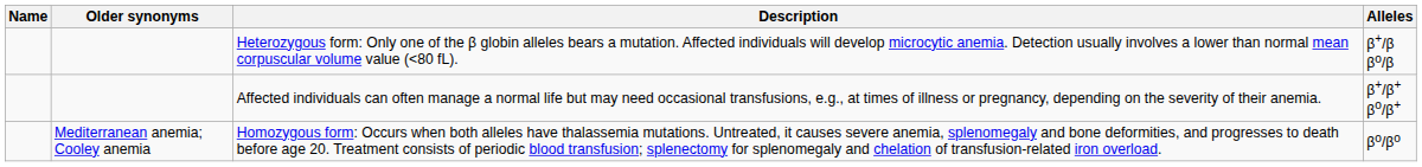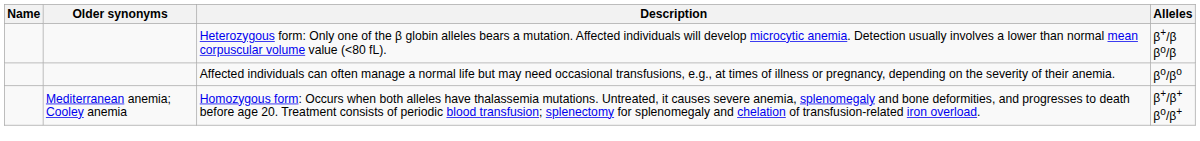 <table class="wikitable">
 <tr>
 <th>Name</th>
 <th>Older synonyms</th>
 <th>Description</th>
 <th>Alleles</th>
 </tr>
 <tr>
 <td></td>
 <td> </td>
 <td><a href='#'>Heterozygous</a> form: Only one of the β globin alleles bears a mutation. Affected individuals will develop <a href='#'>microcytic anemia</a>. Detection usually involves a lower than normal <a href='#'>mean corpuscular volume</a> value (<80 fL).</td>
 <td>β<sup>+</sup>/β<br>β<sup>o</sup>/β</td>
 </tr>
 <tr>
 <td></td>
 <td> </td>
 <td>Affected individuals can often manage a normal life but may need occasional transfusions, e.g., at times of illness or pregnancy, depending on the severity of their anemia.</td>
-<td>β<sup>+</sup>/β<sup>+</sup><br>β<sup>o</sup>/β<sup>+</sup></td>
+<td>β<sup>o</sup>/β<sup>o</sup></td>
 </tr>
 <tr>
 <td></td>
 <td><a href='#'>Mediterranean</a> anemia; <a href='#'>Cooley</a> anemia</td>
 <td><a href='#'>Homozygous form</a>: Occurs when both alleles have thalassemia mutations. Untreated, it causes severe anemia, <a href='#'>splenomegaly</a> and bone deformities, and progresses to death before age 20. Treatment consists of periodic <a href='#'>blood transfusion</a>; <a href='#'>splenectomy</a> for splenomegaly and <a href='#'>chelation</a> of transfusion-related <a href='#'>iron overload</a>.</td>
-<td>β<sup>o</sup>/β<sup>o</sup></td>
+<td>β<sup>+</sup>/β<sup>+</sup><br>β<sup>o</sup>/β<sup>+</sup></td>
 </tr>
 </table>
